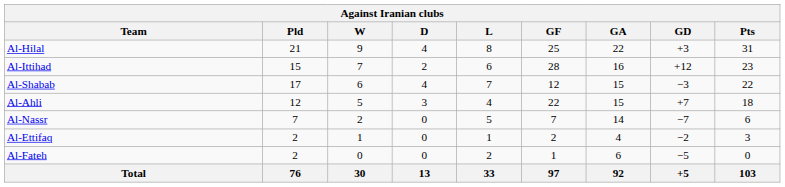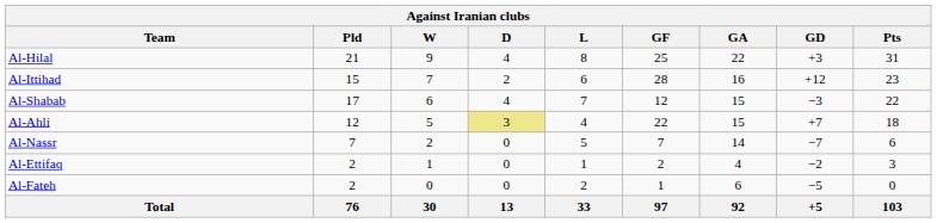 <table class="wikitable" style="width:70%; text-align:center;">
 <tr>
 <th colspan=9>Against Iranian clubs</th>
 </tr>
 <tr>
 <th style="width:20%;">Team</th>
 <th width=5%>Pld</th>
 <th width=5%>W</th>
 <th width=5%>D</th>
 <th width=5%>L</th>
 <th width=5%>GF</th>
 <th width=5%>GA</th>
 <th width=5%>GD</th>
 <th width=5%>Pts</th>
 </tr>
 <tr>
 <td align=left> <a href='#'>Al-Hilal</a></td>
 <td>21</td>
 <td>9</td>
 <td>4</td>
 <td>8</td>
 <td>25</td>
 <td>22</td>
 <td>+3</td>
 <td>31</td>
 </tr>
 <tr>
 <td align=left> <a href='#'>Al-Ittihad</a></td>
 <td>15</td>
 <td>7</td>
 <td>2</td>
 <td>6</td>
 <td>28</td>
 <td>16</td>
 <td>+12</td>
 <td>23</td>
 </tr>
 <tr>
 <td align=left> <a href='#'>Al-Shabab</a></td>
 <td>17</td>
 <td>6</td>
 <td>4</td>
 <td>7</td>
 <td>12</td>
 <td>15</td>
 <td>−3</td>
 <td>22</td>
 </tr>
 <tr>
 <td align=left> <a href='#'>Al-Ahli</a></td>
 <td>12</td>
 <td>5</td>
-<td>3</td>
+<td style="background: khaki;">3</td>
 <td>4</td>
 <td>22</td>
 <td>15</td>
 <td>+7</td>
 <td>18</td>
 </tr>
 <tr>
 <td align=left> <a href='#'>Al-Nassr</a></td>
 <td>7</td>
 <td>2</td>
 <td>0</td>
 <td>5</td>
 <td>7</td>
 <td>14</td>
 <td>−7</td>
 <td>6</td>
 </tr>
 <tr>
 <td align=left> <a href='#'>Al-Ettifaq</a></td>
 <td>2</td>
 <td>1</td>
 <td>0</td>
 <td>1</td>
 <td>2</td>
 <td>4</td>
 <td>−2</td>
 <td>3</td>
 </tr>
 <tr>
 <td align=left> <a href='#'>Al-Fateh</a></td>
 <td>2</td>
 <td>0</td>
 <td>0</td>
 <td>2</td>
 <td>1</td>
 <td>6</td>
 <td>−5</td>
 <td>0</td>
 </tr>
 <tr>
 <th>Total</th>
 <th>76</th>
 <th>30</th>
 <th>13</th>
 <th>33</th>
 <th>97</th>
 <th>92</th>
 <th>+5</th>
 <th>103</th>
 </tr>
 </table>
